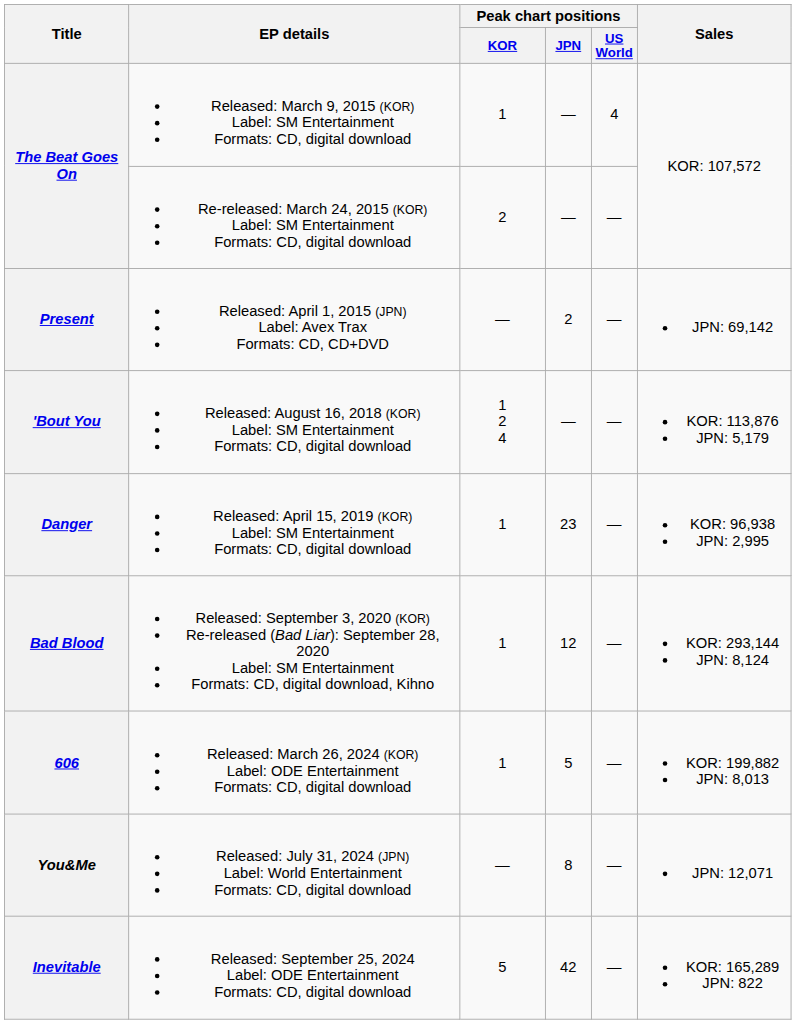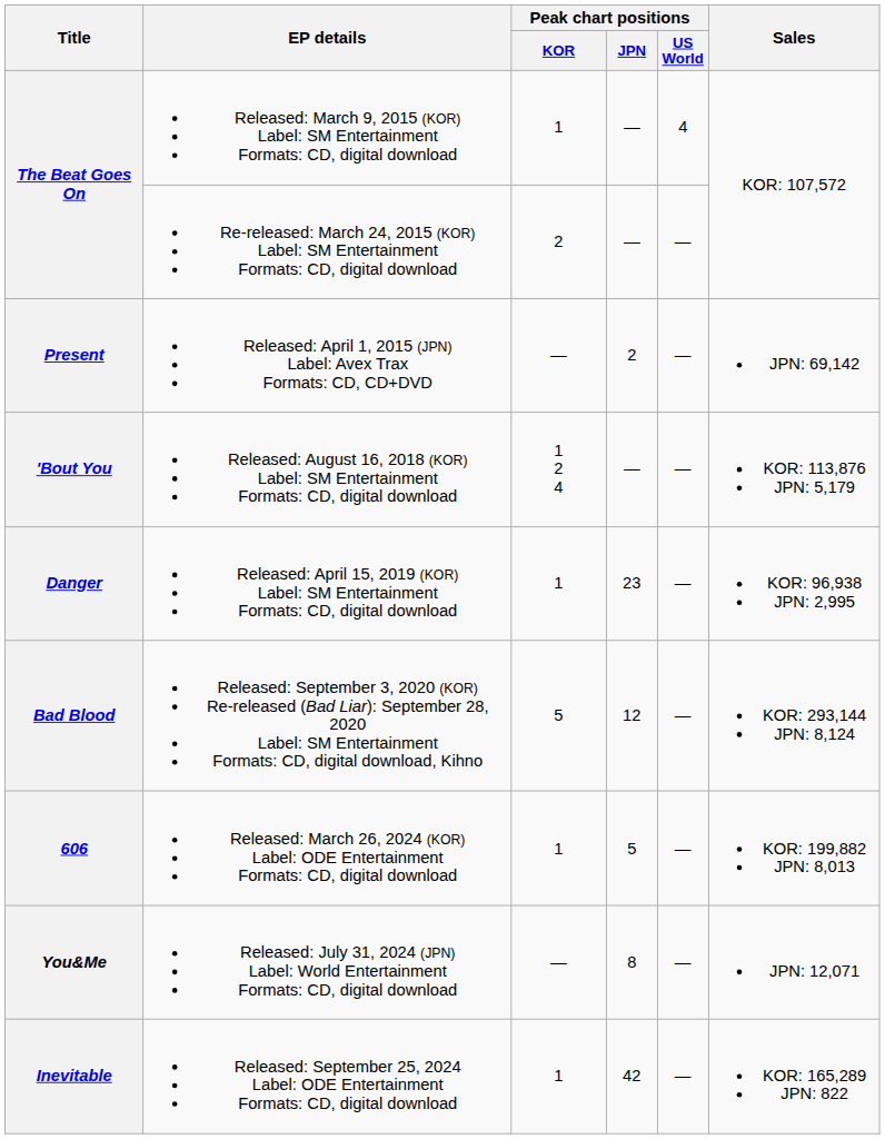 <table class="wikitable plainrowheaders" style="text-align:center;">
 <tr>
 <th scope="col" rowspan="2" style="width:8em;">Title</th>
 <th scope="col" rowspan="2" style="width:22em;">EP details</th>
 <th scope="col" colspan="3">Peak chart positions</th>
 <th scope="col" rowspan="2" style="width:10em;">Sales</th>
 </tr>
 <tr>
 <th style="width:6em;font-size:90%;"><a href='#'>KOR</a><br></th>
 <th style="width:3em;font-size:90%;"><a href='#'>JPN</a><br></th>
 <th style="width:3em;font-size:90%;"><a href='#'>US<br>World</a></th>
 </tr>
 <tr>
 <th scope="row" rowspan="2"><em><a href='#'>The Beat Goes On</a></em></th>
 <td><br><ul><li>Released: March 9, 2015 <small>(KOR)</small></li><li>Label: SM Entertainment</li><li>Formats: CD, digital download</li></ul></td>
 <td>1</td>
 <td>—</td>
 <td>4</td>
 <td rowspan="2">KOR: 107,572</td>
 </tr>
 <tr>
 <td><br><ul><li>Re-released: March 24, 2015 <small>(KOR)</small></li><li>Label: SM Entertainment</li><li>Formats: CD, digital download</li></ul></td>
 <td>2</td>
 <td>—</td>
 <td>—</td>
 </tr>
 <tr>
 <th scope="row"><em><a href='#'>Present</a></em></th>
 <td><br><ul><li>Released: April 1, 2015 <small>(JPN)</small></li><li>Label: Avex Trax</li><li>Formats: CD, CD+DVD</li></ul></td>
 <td>—</td>
 <td>2</td>
 <td>—</td>
 <td><br><ul><li>JPN: 69,142</li></ul></td>
 </tr>
 <tr>
 <th scope="row"><em><a href='#'>'Bout You</a></em></th>
 <td><br><ul><li>Released: August 16, 2018 <small>(KOR)</small></li><li>Label: SM Entertainment</li><li>Formats: CD, digital download</li></ul></td>
 <td>1 <br>2 <br>4 </td>
 <td>—</td>
 <td>—</td>
 <td><br><ul><li>KOR: 113,876</li><li>JPN: 5,179</li></ul></td>
 </tr>
 <tr>
 <th scope="row"><em><a href='#'>Danger</a></em></th>
 <td><br><ul><li>Released: April 15, 2019 <small>(KOR)</small></li><li>Label: SM Entertainment</li><li>Formats: CD, digital download</li></ul></td>
 <td>1</td>
 <td>23</td>
 <td>—</td>
 <td><br><ul><li>KOR: 96,938</li><li>JPN: 2,995</li></ul></td>
 </tr>
 <tr>
 <th scope="row"><em><a href='#'>Bad Blood</a></em></th>
 <td><br><ul><li>Released: September 3, 2020 <small>(KOR)</small></li><li>Re-released (<em>Bad Liar</em>): September 28, 2020</li><li>Label: SM Entertainment</li><li>Formats: CD, digital download, Kihno</li></ul></td>
-<td>1</td>
+<td>5</td>
 <td>12</td>
 <td>—</td>
 <td><br><ul><li>KOR: 293,144</li><li>JPN: 8,124</li></ul></td>
 </tr>
 <tr>
 <th scope="row"><em><a href='#'>606</a></em></th>
 <td><br><ul><li>Released: March 26, 2024 <small>(KOR)</small></li><li>Label: ODE Entertainment</li><li>Formats: CD, digital download</li></ul></td>
 <td>1</td>
 <td>5</td>
 <td>—</td>
 <td><br><ul><li>KOR: 199,882</li><li>JPN: 8,013 </li></ul></td>
 </tr>
 <tr>
 <th scope="row"><em>You&Me</em></th>
 <td><br><ul><li>Released: July 31, 2024 <small>(JPN)</small></li><li>Label: World Entertainment</li><li>Formats: CD, digital download</li></ul></td>
 <td>—</td>
 <td>8</td>
 <td>—</td>
 <td><br><ul><li>JPN: 12,071</li></ul></td>
 </tr>
 <tr>
 <th scope="row"><em><a href='#'>Inevitable</a></em></th>
 <td><br><ul><li>Released: September 25, 2024</li><li>Label: ODE Entertainment</li><li>Formats: CD, digital download</li></ul></td>
-<td>5</td>
+<td>1</td>
 <td>42</td>
 <td>—</td>
 <td><br><ul><li>KOR: 165,289</li><li>JPN: 822</li></ul></td>
 </tr>
 </table>
